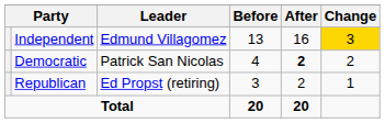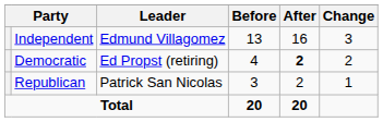 <table class="wikitable" style="text-align:center;">
 <tr>
 </tr>
 <tr>
 <th colspan="2">Party</th>
 <th>Leader</th>
 <th>Before</th>
 <th>After</th>
 <th>Change</th>
 </tr>
 <tr>
 <th style="background-color:"></th>
 <td style="text-align:left;"><a href='#'>Independent</a></td>
 <td style="text-align:left;"><a href='#'>Edmund Villagomez</a></td>
 <td>13</td>
 <td>16</td>
-<td style="background: gold;"> 3</td>
+<td> 3</td>
 </tr>
 <tr>
 <th style="background-color:"></th>
 <td style="text-align:left;"><a href='#'>Democratic</a></td>
-<td style="text-align:left;">Patrick San Nicolas</td>
+<td style="text-align:left;"><a href='#'>Ed Propst</a> (retiring)</td>
 <td>4</td>
 <td><strong>2</strong></td>
 <td> 2</td>
 </tr>
 <tr>
 <th style="background-color:"></th>
 <td style="text-align:left;"><a href='#'>Republican</a></td>
-<td style="text-align:left;"><a href='#'>Ed Propst</a> (retiring)</td>
+<td style="text-align:left;">Patrick San Nicolas</td>
 <td>3</td>
 <td>2</td>
 <td> 1</td>
 </tr>
 <tr>
 <td colspan="3"><strong>Total</strong></td>
 <td><strong>20</strong></td>
 <td><strong>20</strong></td>
 <td></td>
 </tr>
 </table>
